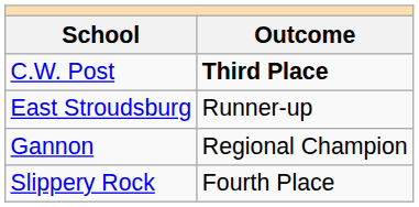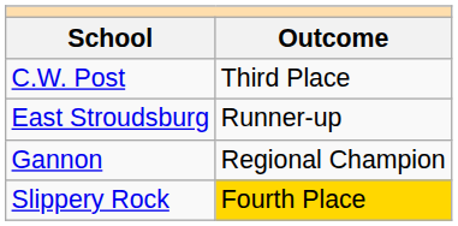 <table class="wikitable" style="float:left; margin-right:1em;">
 <tr>
 <th colspan="3" style="background:#ffdead;"></th>
 </tr>
 <tr>
 <th>School</th>
 <th>Outcome</th>
 </tr>
 <tr>
 <td><a href='#'>C.W. Post</a></td>
-<td><strong>Third Place</strong></td>
+<td>Third Place</td>
 </tr>
 <tr>
 <td><a href='#'>East Stroudsburg</a></td>
 <td>Runner-up</td>
 </tr>
 <tr>
 <td><a href='#'>Gannon</a></td>
 <td>Regional Champion</td>
 </tr>
 <tr>
 <td><a href='#'>Slippery Rock</a></td>
-<td>Fourth Place</td>
+<td style="background: gold;">Fourth Place</td>
 </tr>
 </table>
